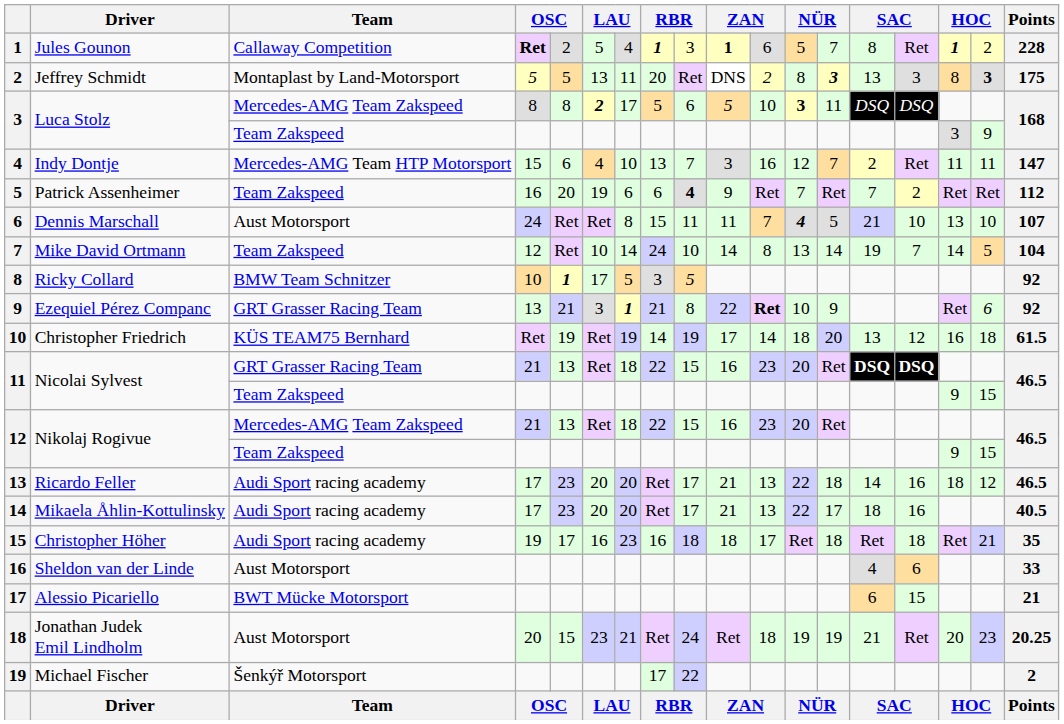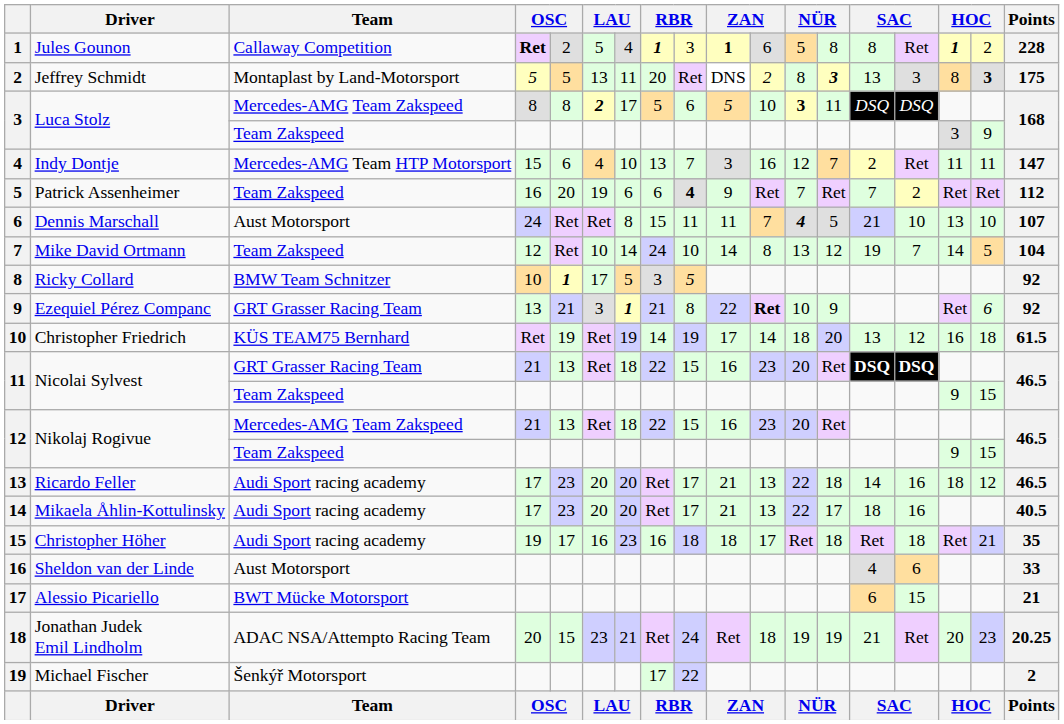 <table class="wikitable" style="font-size: 85%; text-align:center;">
 <tr>
 <th></th>
 <th>Driver</th>
 <th>Team</th>
 <th colspan=2><a href='#'>OSC</a><br></th>
 <th colspan=2><a href='#'>LAU</a><br></th>
 <th colspan=2><a href='#'>RBR</a><br></th>
 <th colspan=2><a href='#'>ZAN</a><br></th>
 <th colspan=2><a href='#'>NÜR</a><br></th>
 <th colspan=2><a href='#'>SAC</a><br></th>
 <th colspan=2><a href='#'>HOC</a><br></th>
 <th>Points</th>
 </tr>
 <tr>
 <th>1</th>
 <td align=left> <a href='#'>Jules Gounon</a></td>
 <td align=left> <a href='#'>Callaway Competition</a></td>
 <td style="background:#EFCFFF;"><strong>Ret</strong></td>
 <td style="background:#DFDFDF;">2</td>
 <td style="background:#DFFFDF;">5</td>
 <td style="background:#DFDFDF;">4</td>
 <td style="background:#FFFFBF;"><strong><em>1</em></strong></td>
 <td style="background:#FFFFBF;">3</td>
 <td style="background:#FFFFBF;"><strong>1</strong></td>
 <td style="background:#DFDFDF;">6</td>
 <td style="background:#FFDF9F;">5</td>
-<td style="background:#DFFFDF;">7</td>
+<td style="background:#DFFFDF;">8</td>
 <td style="background:#DFFFDF;">8</td>
 <td style="background:#EFCFFF;">Ret</td>
 <td style="background:#FFFFBF;"><strong><em>1</em></strong></td>
 <td style="background:#FFFFBF;">2</td>
 <th>228</th>
 </tr>
 <tr>
 <th>2</th>
 <td align=left> Jeffrey Schmidt</td>
 <td align=left> Montaplast by Land-Motorsport</td>
 <td style="background:#FFFFBF;"><em>5</em></td>
 <td style="background:#FFDF9F;">5</td>
 <td style="background:#DFFFDF;">13</td>
 <td style="background:#DFFFDF;">11</td>
 <td style="background:#DFFFDF;">20</td>
 <td style="background:#EFCFFF;">Ret</td>
 <td style="background:#FFFFFF;">DNS</td>
 <td style="background:#FFFFBF;"><em>2</em></td>
 <td style="background:#DFFFDF;">8</td>
 <td style="background:#FFFFBF;"><strong><em>3</em></strong></td>
 <td style="background:#DFFFDF;">13</td>
 <td style="background:#DFDFDF;">3</td>
 <td style="background:#FFDF9F;">8</td>
 <td style="background:#DFDFDF;"><strong>3</strong></td>
 <th>175</th>
 </tr>
 <tr>
 <th rowspan=2>3</th>
 <td rowspan=2 align=left> <a href='#'>Luca Stolz</a></td>
 <td align=left> <a href='#'>Mercedes-AMG</a> <a href='#'>Team Zakspeed</a></td>
 <td style="background:#DFDFDF;">8</td>
 <td style="background:#DFFFDF;">8</td>
 <td style="background:#FFFFBF;"><strong><em>2</em></strong></td>
 <td style="background:#DFFFDF;">17</td>
 <td style="background:#FFDF9F;">5</td>
 <td style="background:#DFFFDF;">6</td>
 <td style="background:#FFDF9F;"><em>5</em></td>
 <td style="background:#DFFFDF;">10</td>
 <td style="background:#FFFFBF;"><strong>3</strong></td>
 <td style="background:#DFFFDF;">11</td>
 <td style="background:#000000; color:white;"><em>DSQ</em></td>
 <td style="background:#000000; color:white;"><em>DSQ</em></td>
 <td></td>
 <td></td>
 <th rowspan=2>168</th>
 </tr>
 <tr>
 <td align=left> <a href='#'>Team Zakspeed</a></td>
 <td></td>
 <td></td>
 <td></td>
 <td></td>
 <td></td>
 <td></td>
 <td></td>
 <td></td>
 <td></td>
 <td></td>
 <td></td>
 <td></td>
 <td style="background:#DFDFDF;">3</td>
 <td style="background:#DFFFDF;">9</td>
 </tr>
 <tr>
 <th>4</th>
 <td align=left> <a href='#'>Indy Dontje</a></td>
 <td align=left> <a href='#'>Mercedes-AMG</a> Team <a href='#'>HTP Motorsport</a></td>
 <td style="background:#DFFFDF;">15</td>
 <td style="background:#DFFFDF;">6</td>
 <td style="background:#FFDF9F;">4</td>
 <td style="background:#DFFFDF;">10</td>
 <td style="background:#DFFFDF;">13</td>
 <td style="background:#DFFFDF;">7</td>
 <td style="background:#DFDFDF;">3</td>
 <td style="background:#DFFFDF;">16</td>
 <td style="background:#DFFFDF;">12</td>
 <td style="background:#FFDF9F;">7</td>
 <td style="background:#FFFFBF;">2</td>
 <td style="background:#EFCFFF;">Ret</td>
 <td style="background:#DFFFDF;">11</td>
 <td style="background:#DFFFDF;">11</td>
 <th>147</th>
 </tr>
 <tr>
 <th>5</th>
 <td align=left> Patrick Assenheimer</td>
 <td align=left> <a href='#'>Team Zakspeed</a></td>
 <td style="background:#DFFFDF;">16</td>
 <td style="background:#DFFFDF;">20</td>
 <td style="background:#DFFFDF;">19</td>
 <td style="background:#DFFFDF;">6</td>
 <td style="background:#DFFFDF;">6</td>
 <td style="background:#DFDFDF;"><strong>4</strong></td>
 <td style="background:#DFFFDF;">9</td>
 <td style="background:#EFCFFF;">Ret</td>
 <td style="background:#DFFFDF;">7</td>
 <td style="background:#EFCFFF;">Ret</td>
 <td style="background:#DFFFDF;">7</td>
 <td style="background:#FFFFBF;">2</td>
 <td style="background:#EFCFFF;">Ret</td>
 <td style="background:#EFCFFF;">Ret</td>
 <th>112</th>
 </tr>
 <tr>
 <th>6</th>
 <td align=left> <a href='#'>Dennis Marschall</a></td>
 <td align=left> Aust Motorsport</td>
 <td style="background:#CFCFFF;">24</td>
 <td style="background:#EFCFFF;">Ret</td>
 <td style="background:#EFCFFF;">Ret</td>
 <td style="background:#DFFFDF;">8</td>
 <td style="background:#DFFFDF;">15</td>
 <td style="background:#DFFFDF;">11</td>
 <td style="background:#DFFFDF;">11</td>
 <td style="background:#FFDF9F;">7</td>
 <td style="background:#DFDFDF;"><strong><em>4</em></strong></td>
 <td style="background:#DFDFDF;">5</td>
 <td style="background:#CFCFFF;">21</td>
 <td style="background:#DFFFDF;">10</td>
 <td style="background:#DFFFDF;">13</td>
 <td style="background:#DFFFDF;">10</td>
 <th>107</th>
 </tr>
 <tr>
 <th>7</th>
 <td align=left> <a href='#'>Mike David Ortmann</a></td>
 <td align=left> <a href='#'>Team Zakspeed</a></td>
 <td style="background:#DFFFDF;">12</td>
 <td style="background:#EFCFFF;">Ret</td>
 <td style="background:#DFFFDF;">10</td>
 <td style="background:#DFFFDF;">14</td>
 <td style="background:#CFCFFF;">24</td>
 <td style="background:#DFFFDF;">10</td>
 <td style="background:#DFFFDF;">14</td>
 <td style="background:#DFFFDF;">8</td>
 <td style="background:#DFFFDF;">13</td>
-<td style="background:#DFFFDF;">14</td>
+<td style="background:#DFFFDF;">12</td>
 <td style="background:#DFFFDF;">19</td>
 <td style="background:#DFFFDF;">7</td>
 <td style="background:#DFFFDF;">14</td>
 <td style="background:#FFDF9F;">5</td>
 <th>104</th>
 </tr>
 <tr>
 <th>8</th>
 <td align=left> <a href='#'>Ricky Collard</a></td>
 <td align=left> <a href='#'>BMW Team Schnitzer</a></td>
 <td style="background:#FFDF9F;">10</td>
 <td style="background:#FFFFBF;"><strong><em>1</em></strong></td>
 <td style="background:#DFFFDF;">17</td>
 <td style="background:#FFDF9F;">5</td>
 <td style="background:#DFDFDF;">3</td>
 <td style="background:#FFDF9F;"><em>5</em></td>
 <td></td>
 <td></td>
 <td></td>
 <td></td>
 <td></td>
 <td></td>
 <td></td>
 <td></td>
 <th>92</th>
 </tr>
 <tr>
 <th>9</th>
 <td align=left> <a href='#'>Ezequiel Pérez Companc</a></td>
 <td align=left> <a href='#'>GRT Grasser Racing Team</a></td>
 <td style="background:#DFFFDF;">13</td>
 <td style="background:#CFCFFF;">21</td>
 <td style="background:#DFDFDF;">3</td>
 <td style="background:#FFFFBF;"><strong><em>1</em></strong></td>
 <td style="background:#CFCFFF;">21</td>
 <td style="background:#DFFFDF;">8</td>
 <td style="background:#CFCFFF;">22</td>
 <td style="background:#EFCFFF;"><strong>Ret</strong></td>
 <td style="background:#DFFFDF;">10</td>
 <td style="background:#DFFFDF;">9</td>
 <td></td>
 <td></td>
 <td style="background:#EFCFFF;">Ret</td>
 <td style="background:#DFFFDF;"><em>6</em></td>
 <th>92</th>
 </tr>
 <tr>
 <th>10</th>
 <td align=left> Christopher Friedrich</td>
 <td align=left> <a href='#'>KÜS TEAM75 Bernhard</a></td>
 <td style="background:#EFCFFF;">Ret</td>
 <td style="background:#DFFFDF;">19</td>
 <td style="background:#EFCFFF;">Ret</td>
 <td style="background:#CFCFFF;">19</td>
 <td style="background:#DFFFDF;">14</td>
 <td style="background:#CFCFFF;">19</td>
 <td style="background:#DFFFDF;">17</td>
 <td style="background:#DFFFDF;">14</td>
 <td style="background:#DFFFDF;">18</td>
 <td style="background:#CFCFFF;">20</td>
 <td style="background:#DFFFDF;">13</td>
 <td style="background:#DFFFDF;">12</td>
 <td style="background:#DFFFDF;">16</td>
 <td style="background:#DFFFDF;">18</td>
 <th>61.5</th>
 </tr>
 <tr>
 <th rowspan=2>11</th>
 <td rowspan=2 align=left> Nicolai Sylvest</td>
 <td align=left> <a href='#'>GRT Grasser Racing Team</a></td>
 <td style="background:#CFCFFF;">21</td>
 <td style="background:#DFFFDF;">13</td>
 <td style="background:#EFCFFF;">Ret</td>
 <td style="background:#DFFFDF;">18</td>
 <td style="background:#CFCFFF;">22</td>
 <td style="background:#DFFFDF;">15</td>
 <td style="background:#DFFFDF;">16</td>
 <td style="background:#CFCFFF;">23</td>
 <td style="background:#CFCFFF;">20</td>
 <td style="background:#EFCFFF;">Ret</td>
 <td style="background:#000000; color:white;"><strong>DSQ</strong></td>
 <td style="background:#000000; color:white;"><strong>DSQ</strong></td>
 <td></td>
 <td></td>
 <th rowspan=2>46.5</th>
 </tr>
 <tr>
 <td align=left> <a href='#'>Team Zakspeed</a></td>
 <td></td>
 <td></td>
 <td></td>
 <td></td>
 <td></td>
 <td></td>
 <td></td>
 <td></td>
 <td></td>
 <td></td>
 <td></td>
 <td></td>
 <td style="background:#DFFFDF;">9</td>
 <td style="background:#DFFFDF;">15</td>
 </tr>
 <tr>
 <th rowspan=2>12</th>
 <td rowspan=2 align=left> Nikolaj Rogivue</td>
 <td align=left> <a href='#'>Mercedes-AMG</a> <a href='#'>Team Zakspeed</a></td>
 <td style="background:#CFCFFF;">21</td>
 <td style="background:#DFFFDF;">13</td>
 <td style="background:#EFCFFF;">Ret</td>
 <td style="background:#DFFFDF;">18</td>
 <td style="background:#CFCFFF;">22</td>
 <td style="background:#DFFFDF;">15</td>
 <td style="background:#DFFFDF;">16</td>
 <td style="background:#CFCFFF;">23</td>
 <td style="background:#CFCFFF;">20</td>
 <td style="background:#EFCFFF;">Ret</td>
 <td></td>
 <td></td>
 <td></td>
 <td></td>
 <th rowspan=2>46.5</th>
 </tr>
 <tr>
 <td align=left> <a href='#'>Team Zakspeed</a></td>
 <td></td>
 <td></td>
 <td></td>
 <td></td>
 <td></td>
 <td></td>
 <td></td>
 <td></td>
 <td></td>
 <td></td>
 <td></td>
 <td></td>
 <td style="background:#DFFFDF;">9</td>
 <td style="background:#DFFFDF;">15</td>
 </tr>
 <tr>
 <th>13</th>
 <td align=left> <a href='#'>Ricardo Feller</a></td>
 <td align=left> <a href='#'>Audi Sport</a> racing academy</td>
 <td style="background:#DFFFDF;">17</td>
 <td style="background:#CFCFFF;">23</td>
 <td style="background:#DFFFDF;">20</td>
 <td style="background:#CFCFFF;">20</td>
 <td style="background:#EFCFFF;">Ret</td>
 <td style="background:#DFFFDF;">17</td>
 <td style="background:#DFFFDF;">21</td>
 <td style="background:#DFFFDF;">13</td>
 <td style="background:#CFCFFF;">22</td>
 <td style="background:#DFFFDF;">18</td>
 <td style="background:#DFFFDF;">14</td>
 <td style="background:#DFFFDF;">16</td>
 <td style="background:#DFFFDF;">18</td>
 <td style="background:#DFFFDF;">12</td>
 <th>46.5</th>
 </tr>
 <tr>
 <th>14</th>
 <td align=left> <a href='#'>Mikaela Åhlin-Kottulinsky</a></td>
 <td align=left> <a href='#'>Audi Sport</a> racing academy</td>
 <td style="background:#DFFFDF;">17</td>
 <td style="background:#CFCFFF;">23</td>
 <td style="background:#DFFFDF;">20</td>
 <td style="background:#CFCFFF;">20</td>
 <td style="background:#EFCFFF;">Ret</td>
 <td style="background:#DFFFDF;">17</td>
 <td style="background:#DFFFDF;">21</td>
 <td style="background:#DFFFDF;">13</td>
 <td style="background:#CFCFFF;">22</td>
 <td style="background:#DFFFDF;">17</td>
 <td style="background:#DFFFDF;">18</td>
 <td style="background:#DFFFDF;">16</td>
 <td></td>
 <td></td>
 <th>40.5</th>
 </tr>
 <tr>
 <th>15</th>
 <td align=left> <a href='#'>Christopher Höher</a></td>
 <td align=left> <a href='#'>Audi Sport</a> racing academy</td>
 <td style="background:#DFFFDF;">19</td>
 <td style="background:#DFFFDF;">17</td>
 <td style="background:#DFFFDF;">16</td>
 <td style="background:#CFCFFF;">23</td>
 <td style="background:#DFFFDF;">16</td>
 <td style="background:#CFCFFF;">18</td>
 <td style="background:#DFFFDF;">18</td>
 <td style="background:#DFFFDF;">17</td>
 <td style="background:#EFCFFF;">Ret</td>
 <td style="background:#DFFFDF;">18</td>
 <td style="background:#EFCFFF;">Ret</td>
 <td style="background:#DFFFDF;">18</td>
 <td style="background:#EFCFFF;">Ret</td>
 <td style="background:#CFCFFF;">21</td>
 <th>35</th>
 </tr>
 <tr>
 <th>16</th>
 <td align=left> <a href='#'>Sheldon van der Linde</a></td>
 <td align=left> Aust Motorsport</td>
 <td></td>
 <td></td>
 <td></td>
 <td></td>
 <td></td>
 <td></td>
 <td></td>
 <td></td>
 <td></td>
 <td></td>
 <td style="background:#DFDFDF;">4</td>
 <td style="background:#FFDF9F;">6</td>
 <td></td>
 <td></td>
 <th>33</th>
 </tr>
 <tr>
 <th>17</th>
 <td align=left> <a href='#'>Alessio Picariello</a></td>
 <td align=left> <a href='#'>BWT Mücke Motorsport</a></td>
 <td></td>
 <td></td>
 <td></td>
 <td></td>
 <td></td>
 <td></td>
 <td></td>
 <td></td>
 <td></td>
 <td></td>
 <td style="background:#FFDF9F;">6</td>
 <td style="background:#DFFFDF;">15</td>
 <td></td>
 <td></td>
 <th>21</th>
 </tr>
 <tr>
 <th>18</th>
 <td align=left> Jonathan Judek<br> <a href='#'>Emil Lindholm</a></td>
-<td align=left> Aust Motorsport</td>
+<td align=left> ADAC NSA/Attempto Racing Team</td>
 <td style="background:#DFFFDF;">20</td>
 <td style="background:#DFFFDF;">15</td>
 <td style="background:#CFCFFF;">23</td>
 <td style="background:#CFCFFF;">21</td>
 <td style="background:#EFCFFF;">Ret</td>
 <td style="background:#CFCFFF;">24</td>
 <td style="background:#EFCFFF;">Ret</td>
 <td style="background:#DFFFDF;">18</td>
 <td style="background:#DFFFDF;">19</td>
 <td style="background:#DFFFDF;">19</td>
 <td style="background:#DFFFDF;">21</td>
 <td style="background:#EFCFFF;">Ret</td>
 <td style="background:#DFFFDF;">20</td>
 <td style="background:#CFCFFF;">23</td>
 <th>20.25</th>
 </tr>
 <tr>
 <th>19</th>
 <td align=left> Michael Fischer</td>
 <td align=left> Šenkýř Motorsport</td>
 <td></td>
 <td></td>
 <td></td>
 <td></td>
 <td style="background:#DFFFDF;">17</td>
 <td style="background:#CFCFFF;">22</td>
 <td></td>
 <td></td>
 <td></td>
 <td></td>
 <td></td>
 <td></td>
 <td></td>
 <td></td>
 <th>2</th>
 </tr>
 <tr>
 <th></th>
 <th>Driver</th>
 <th>Team</th>
 <th colspan=2><a href='#'>OSC</a><br></th>
 <th colspan=2><a href='#'>LAU</a><br></th>
 <th colspan=2><a href='#'>RBR</a><br></th>
 <th colspan=2><a href='#'>ZAN</a><br></th>
 <th colspan=2><a href='#'>NÜR</a><br></th>
 <th colspan=2><a href='#'>SAC</a><br></th>
 <th colspan=2><a href='#'>HOC</a><br></th>
 <th>Points</th>
 </tr>
 </table>
